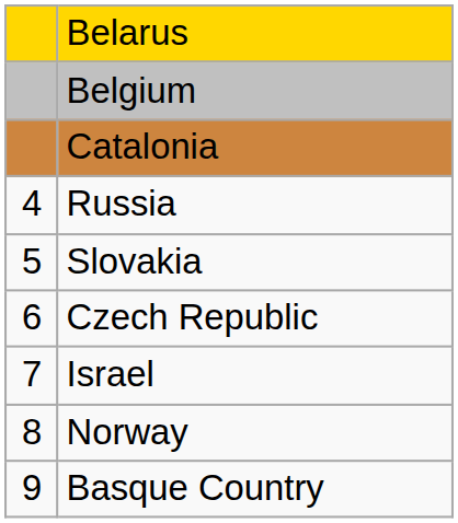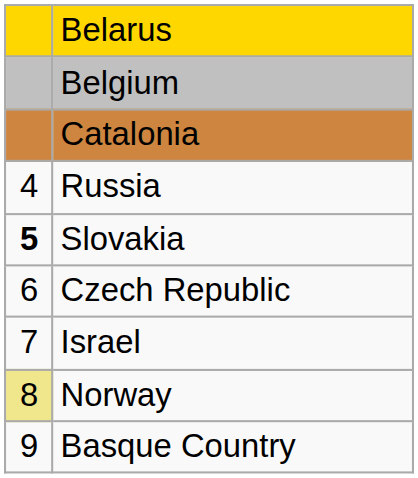 <table class="wikitable" style="width:200px;">
 <tr style="background:gold;">
 <td align=center></td>
 <td> Belarus</td>
 </tr>
 <tr style="background:silver;">
 <td align=center></td>
 <td> Belgium</td>
 </tr>
 <tr style="background:peru;">
 <td align=center></td>
 <td> Catalonia</td>
 </tr>
 <tr>
 <td align=center>4</td>
 <td> Russia</td>
 </tr>
 <tr>
-<td align=center>5</td>
+<td align=center><strong>5</strong></td>
 <td> Slovakia</td>
 </tr>
 <tr>
 <td align=center>6</td>
 <td> Czech Republic</td>
 </tr>
 <tr>
 <td align=center>7</td>
 <td> Israel</td>
 </tr>
 <tr>
-<td align=center>8</td>
+<td align=center style="background: khaki;">8</td>
 <td> Norway</td>
 </tr>
 <tr>
 <td align=center>9</td>
 <td> Basque Country</td>
 </tr>
 </table>
